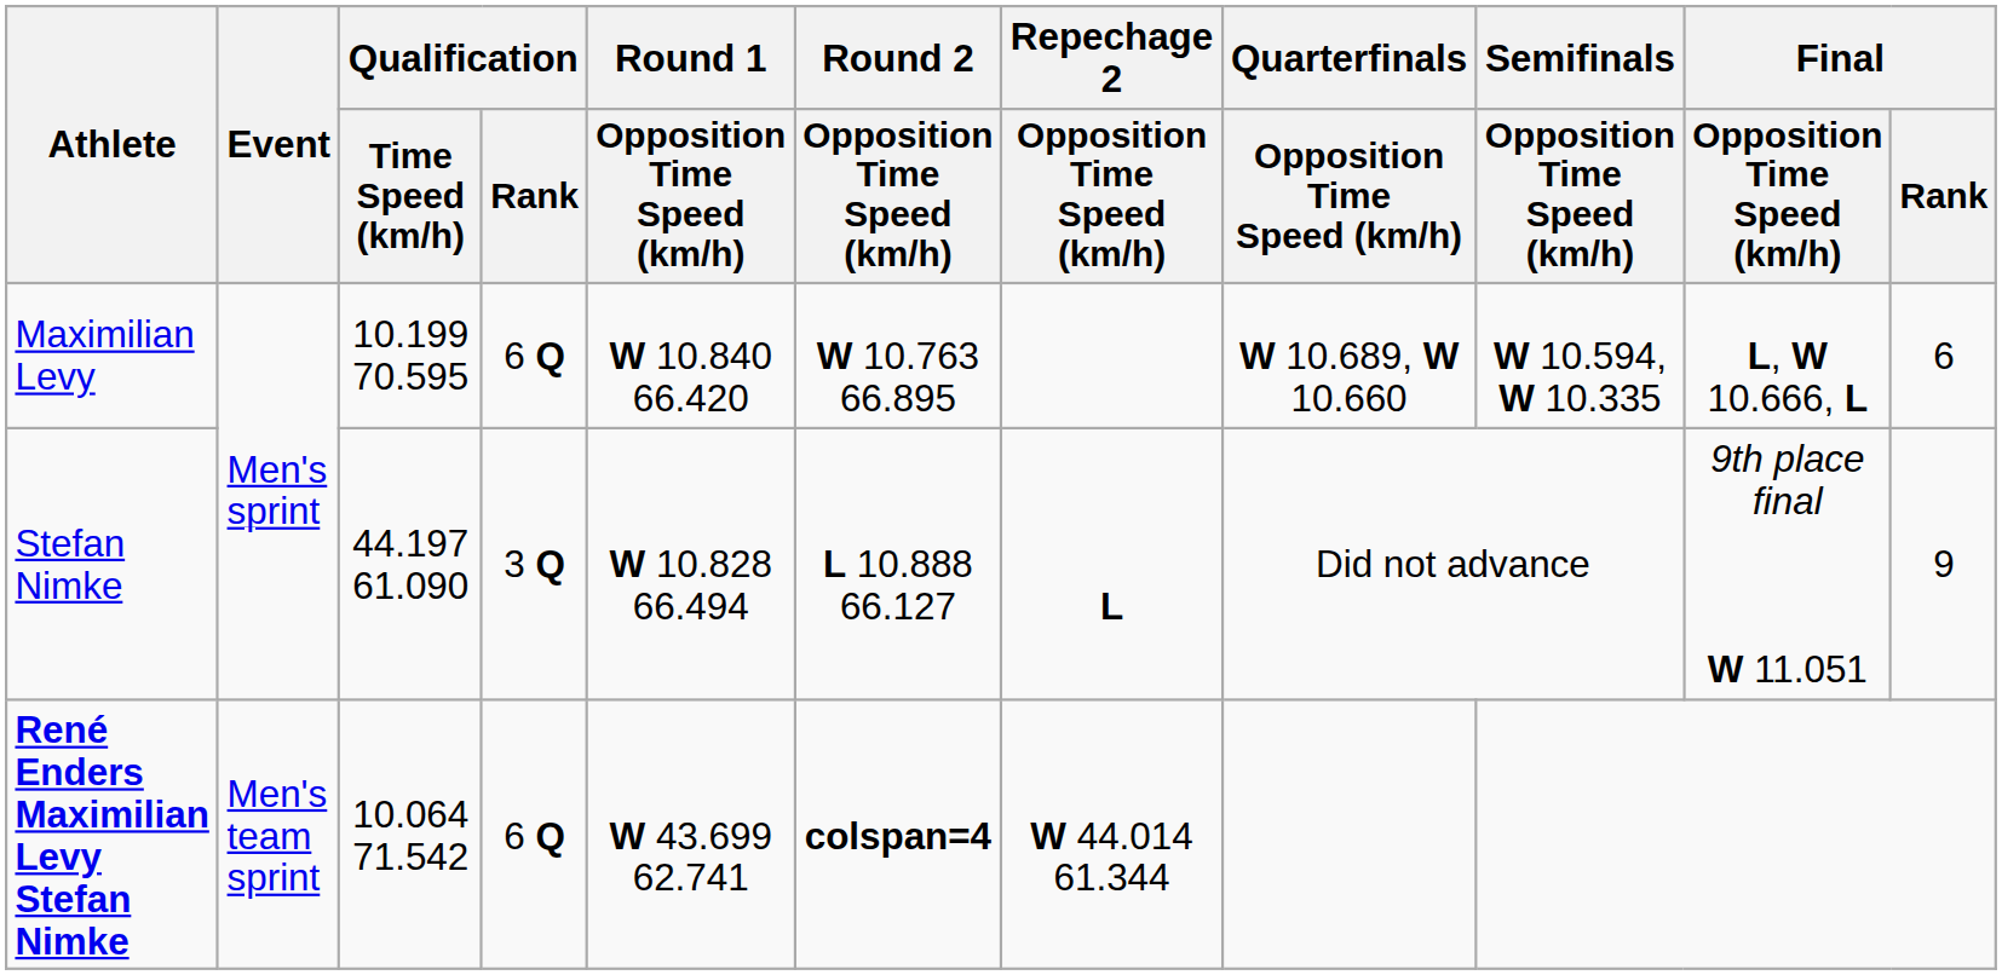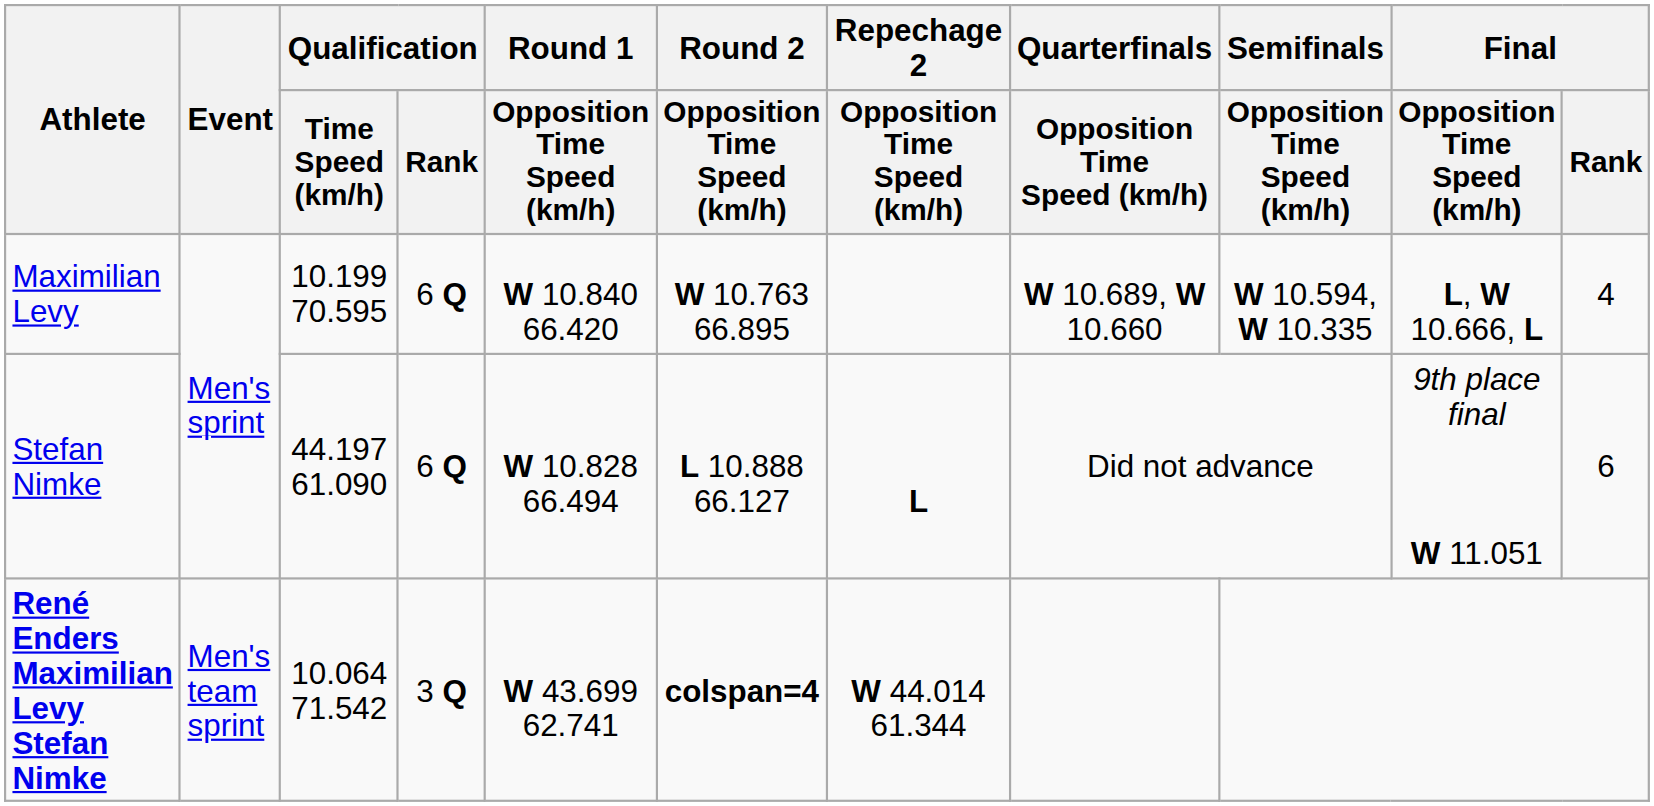 <table class="wikitable" style="font-size:90%">
 <tr>
 <th rowspan="2">Athlete</th>
 <th rowspan="2">Event</th>
 <th colspan=2>Qualification</th>
 <th>Round 1</th>
 <th>Round 2</th>
 <th>Repechage 2</th>
 <th>Quarterfinals</th>
 <th>Semifinals</th>
 <th colspan=2>Final</th>
 </tr>
 <tr style="font-size:95%">
 <th>Time<br>Speed (km/h)</th>
 <th>Rank</th>
 <th>Opposition<br>Time<br>Speed (km/h)</th>
 <th>Opposition<br>Time<br>Speed (km/h)</th>
 <th>Opposition<br>Time<br>Speed (km/h)</th>
 <th>Opposition<br>Time<br>Speed (km/h)</th>
 <th>Opposition<br>Time<br>Speed (km/h)</th>
 <th>Opposition<br>Time<br>Speed (km/h)</th>
 <th>Rank</th>
 </tr>
 <tr align=center>
 <td align=left><a href='#'>Maximilian Levy</a></td>
 <td align=left rowspan=2><a href='#'>Men's sprint</a></td>
 <td>10.199<br>70.595</td>
 <td>6 <strong>Q</strong></td>
 <td><br><strong>W</strong> 10.840<br>66.420</td>
 <td><br><strong>W</strong> 10.763<br>66.895</td>
 <td></td>
 <td><br><strong>W</strong> 10.689, <strong>W</strong> 10.660</td>
 <td><br><strong>W</strong> 10.594, <strong>W</strong> 10.335</td>
 <td><br><strong>L</strong>, <strong>W</strong> 10.666, <strong>L</strong></td>
-<td>6</td>
+<td>4</td>
 </tr>
 <tr align=center>
 <td align=left><a href='#'>Stefan Nimke</a></td>
 <td>44.197<br>61.090</td>
-<td>3 <strong>Q</strong></td>
+<td>6 <strong>Q</strong></td>
 <td><br><strong>W</strong> 10.828<br>66.494</td>
 <td><br><strong>L</strong> 10.888<br>66.127</td>
 <td><br><br><strong>L</strong></td>
 <td colspan=2>Did not advance</td>
 <td><em>9th place final</em><br><br><br><br><strong>W</strong> 11.051</td>
-<td>9</td>
+<td>6</td>
 </tr>
 <tr align=center>
 <td align=left><strong><a href='#'>René Enders</a><br><a href='#'>Maximilian Levy</a><br><a href='#'>Stefan Nimke</a></strong></td>
 <td align=left><a href='#'>Men's team sprint</a></td>
 <td>10.064<br>71.542</td>
-<td>6 <strong>Q</strong></td>
+<td>3 <strong>Q</strong></td>
 <td><br><strong>W</strong> 43.699<br>62.741</td>
 <td><strong>colspan=4 </strong></td>
 <td><br><strong>W</strong> 44.014<br>61.344</td>
 <td></td>
 </tr>
 </table>
